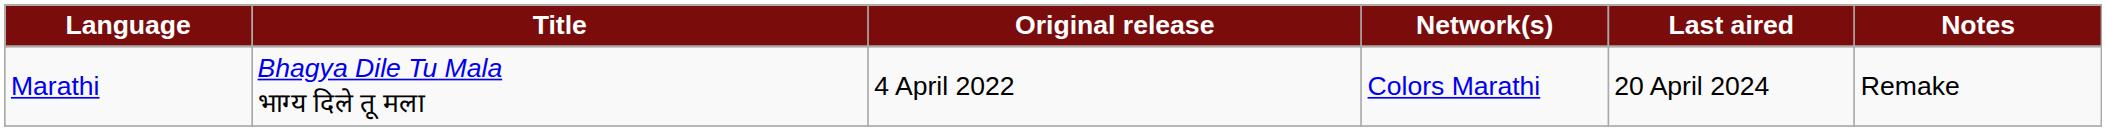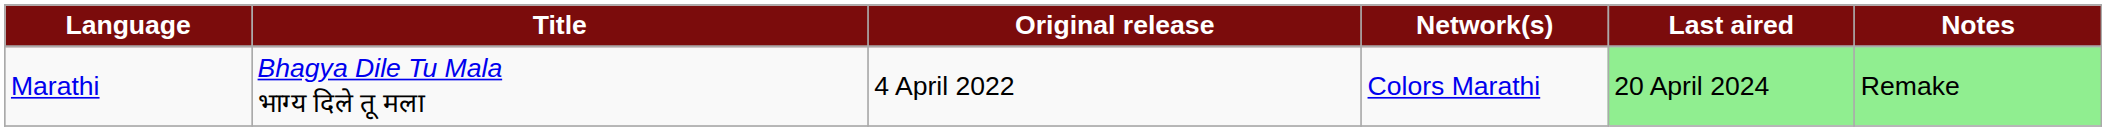 <table class="wikitable" style="width: 100%; margin-right: 0;">
 <tr style="color:white">
 <th style="background:#7b0c0c; width:10%;">Language</th>
 <th style="background:#7b0c0c; width:25%;">Title</th>
 <th style="background:#7b0c0c; width:20%;">Original release</th>
 <th style="background:#7b0c0c; width:10%;">Network(s)</th>
 <th style="background:#7b0c0c; width:10%;">Last aired</th>
 <th style="background:#7b0c0c; width:10%;">Notes</th>
 </tr>
 <tr>
 </tr>
 <tr>
 <td><a href='#'>Marathi</a></td>
 <td><em><a href='#'>Bhagya Dile Tu Mala</a></em> <br> भाग्य दिले तू मला</td>
 <td>4 April 2022</td>
 <td><a href='#'>Colors Marathi</a></td>
-<td>20 April 2024</td>
-<td>Remake</td>
+<td style="background: lightgreen;">20 April 2024</td>
+<td style="background: lightgreen;">Remake</td>
 </tr>
 </table>
